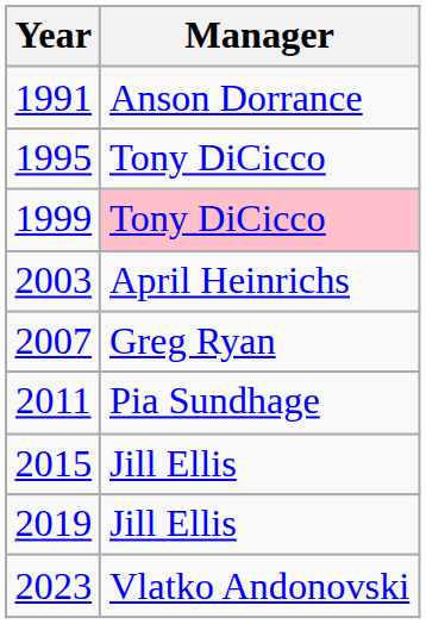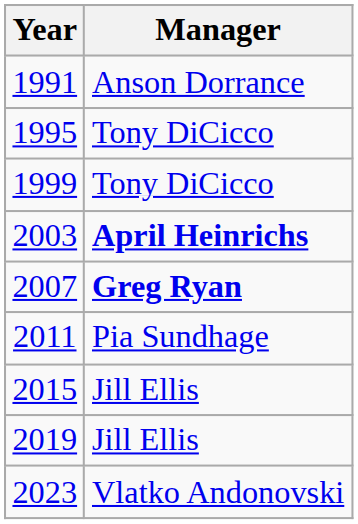 <table class="wikitable">
 <tr>
 <th>Year</th>
 <th>Manager</th>
 </tr>
 <tr>
 <td align=center><a href='#'>1991</a></td>
 <td> <a href='#'>Anson Dorrance</a></td>
 </tr>
 <tr>
 <td align=center><a href='#'>1995</a></td>
 <td> <a href='#'>Tony DiCicco</a></td>
 </tr>
 <tr>
 <td align=center><a href='#'>1999</a></td>
-<td style="background: pink;"> <a href='#'>Tony DiCicco</a></td>
+<td> <a href='#'>Tony DiCicco</a></td>
 </tr>
 <tr>
 <td align=center><a href='#'>2003</a></td>
-<td> <a href='#'>April Heinrichs</a></td>
+<td><strong> <a href='#'>April Heinrichs</a></strong></td>
 </tr>
 <tr>
 <td align=center><a href='#'>2007</a></td>
-<td> <a href='#'>Greg Ryan</a></td>
+<td><strong> <a href='#'>Greg Ryan</a></strong></td>
 </tr>
 <tr>
 <td align=center><a href='#'>2011</a></td>
 <td> <a href='#'>Pia Sundhage</a></td>
 </tr>
 <tr>
 <td align=center><a href='#'>2015</a></td>
 <td>  <a href='#'>Jill Ellis</a></td>
 </tr>
 <tr>
 <td align=center><a href='#'>2019</a></td>
 <td>  <a href='#'>Jill Ellis</a></td>
 </tr>
 <tr>
 <td align=center><a href='#'>2023</a></td>
 <td> <a href='#'>Vlatko Andonovski</a></td>
 </tr>
 </table>
